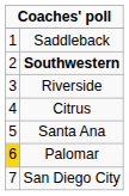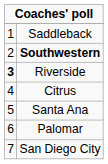 <table class="wikitable" style="display: inline-table;">
 <tr>
 <td align="center" Colspan="2"><strong>Coaches' poll</strong></td>
 </tr>
 <tr align="center">
 </tr>
 <tr align="center">
 <td>1</td>
 <td>Saddleback</td>
 </tr>
 <tr align="center">
 <td>2</td>
 <td><strong>Southwestern</strong></td>
 </tr>
 <tr align="center">
-<td>3</td>
+<td><strong>3</strong></td>
 <td>Riverside</td>
 </tr>
 <tr align="center">
 <td>4</td>
 <td>Citrus</td>
 </tr>
 <tr align="center">
 <td>5</td>
 <td>Santa Ana</td>
 </tr>
 <tr align="center">
-<td style="background: gold;">6</td>
+<td>6</td>
 <td>Palomar</td>
 </tr>
 <tr align="center">
 <td>7</td>
 <td>San Diego City</td>
 </tr>
 </table>
